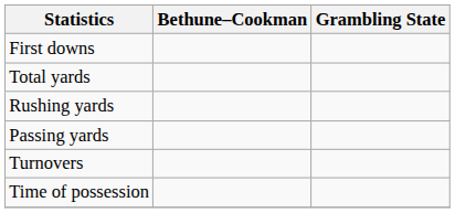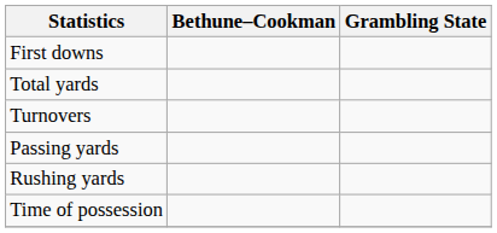 <table class="wikitable">
 <tr>
 <th>Statistics</th>
 <th>Bethune–Cookman</th>
 <th>Grambling State</th>
 </tr>
 <tr>
 <td>First downs</td>
 <td> </td>
 <td> </td>
 </tr>
 <tr>
 <td>Total yards</td>
 <td> </td>
 <td> </td>
 </tr>
 <tr>
-<td>Rushing yards</td>
+<td>Turnovers</td>
 <td> </td>
 <td> </td>
 </tr>
 <tr>
 <td>Passing yards</td>
 <td> </td>
 <td> </td>
 </tr>
 <tr>
-<td>Turnovers</td>
+<td>Rushing yards</td>
 <td> </td>
 <td> </td>
 </tr>
 <tr>
 <td>Time of possession</td>
 <td> </td>
 <td> </td>
 </tr>
 <tr>
 </tr>
 </table>
